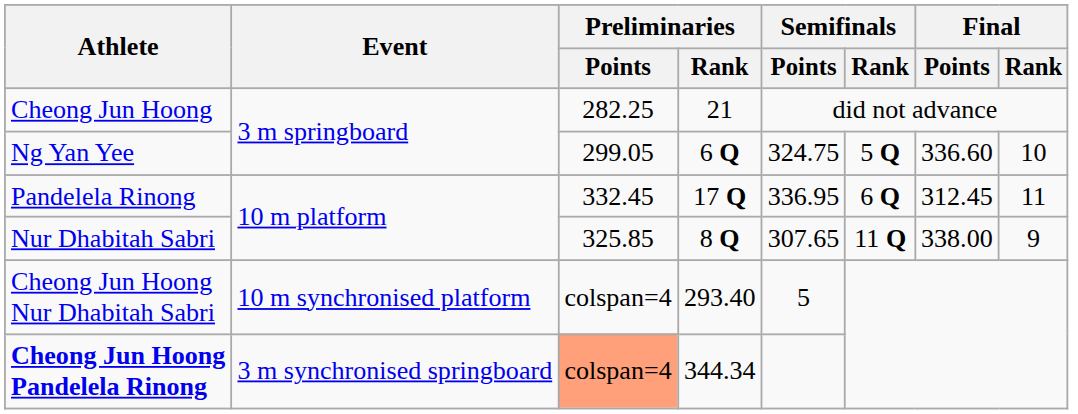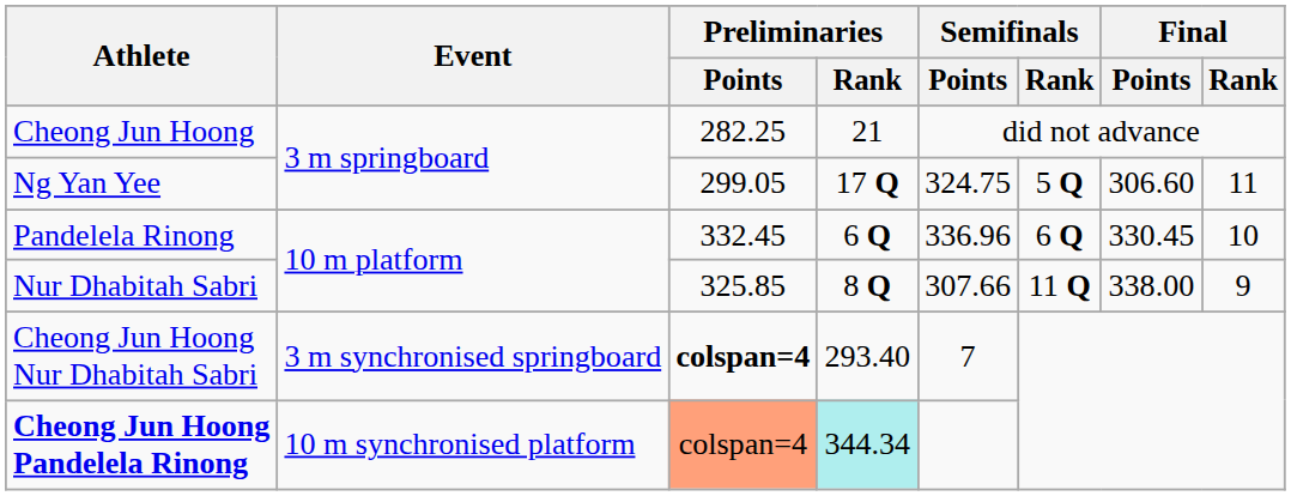 <table class=wikitable style="font-size:90%">
 <tr>
 <th rowspan="2">Athlete</th>
 <th rowspan="2">Event</th>
 <th colspan="2">Preliminaries</th>
 <th colspan="2">Semifinals</th>
 <th colspan="2">Final</th>
 </tr>
 <tr style="font-size:95%">
 <th>Points</th>
 <th>Rank</th>
 <th>Points</th>
 <th>Rank</th>
 <th>Points</th>
 <th>Rank</th>
 </tr>
 <tr align=center>
 <td align=left><a href='#'>Cheong Jun Hoong</a></td>
 <td align=left rowspan=2><a href='#'>3 m springboard</a></td>
 <td>282.25</td>
 <td>21</td>
 <td colspan=4>did not advance</td>
 </tr>
 <tr align=center>
 <td align=left><a href='#'>Ng Yan Yee</a></td>
 <td>299.05</td>
-<td>6 <strong>Q</strong></td>
+<td>17 <strong>Q</strong></td>
 <td>324.75</td>
 <td>5 <strong>Q</strong></td>
-<td>336.60</td>
-<td>10</td>
+<td>306.60</td>
+<td>11</td>
 </tr>
 <tr align=center>
 <td align=left><a href='#'>Pandelela Rinong</a></td>
 <td align=left rowspan=2><a href='#'>10 m platform</a></td>
 <td>332.45</td>
-<td>17 <strong>Q</strong></td>
-<td>336.95</td>
 <td>6 <strong>Q</strong></td>
-<td>312.45</td>
-<td>11</td>
+<td>336.96</td>
+<td>6 <strong>Q</strong></td>
+<td>330.45</td>
+<td>10</td>
 </tr>
 <tr align=center>
 <td align=left><a href='#'>Nur Dhabitah Sabri</a></td>
 <td>325.85</td>
 <td>8 <strong>Q</strong></td>
-<td>307.65</td>
+<td>307.66</td>
 <td>11 <strong>Q</strong></td>
 <td>338.00</td>
 <td>9</td>
 </tr>
 <tr align=center>
 <td align=left><a href='#'>Cheong Jun Hoong</a><br><a href='#'>Nur Dhabitah Sabri</a></td>
-<td align=left><a href='#'>10 m synchronised platform</a></td>
-<td>colspan=4 </td>
+<td align=left><a href='#'>3 m synchronised springboard</a></td>
+<td><strong>colspan=4 </strong></td>
 <td>293.40</td>
-<td>5</td>
+<td>7</td>
 </tr>
 <tr align=center>
 <td align=left><strong><a href='#'>Cheong Jun Hoong</a><br><a href='#'>Pandelela Rinong</a></strong></td>
-<td align=left><a href='#'>3 m synchronised springboard</a></td>
+<td align=left><a href='#'>10 m synchronised platform</a></td>
 <td style="background: lightsalmon;">colspan=4 </td>
-<td>344.34</td>
+<td style="background: paleturquoise;">344.34</td>
 <td></td>
 </tr>
 </table>
